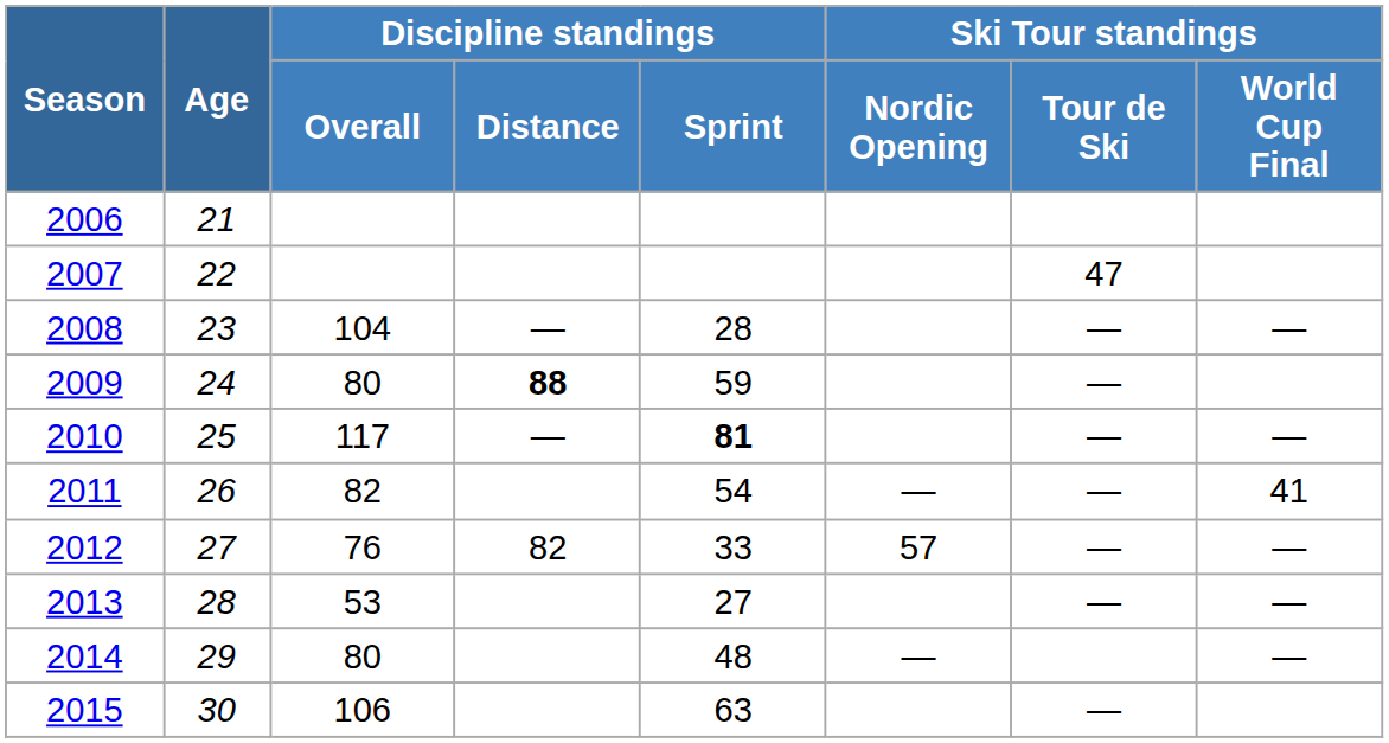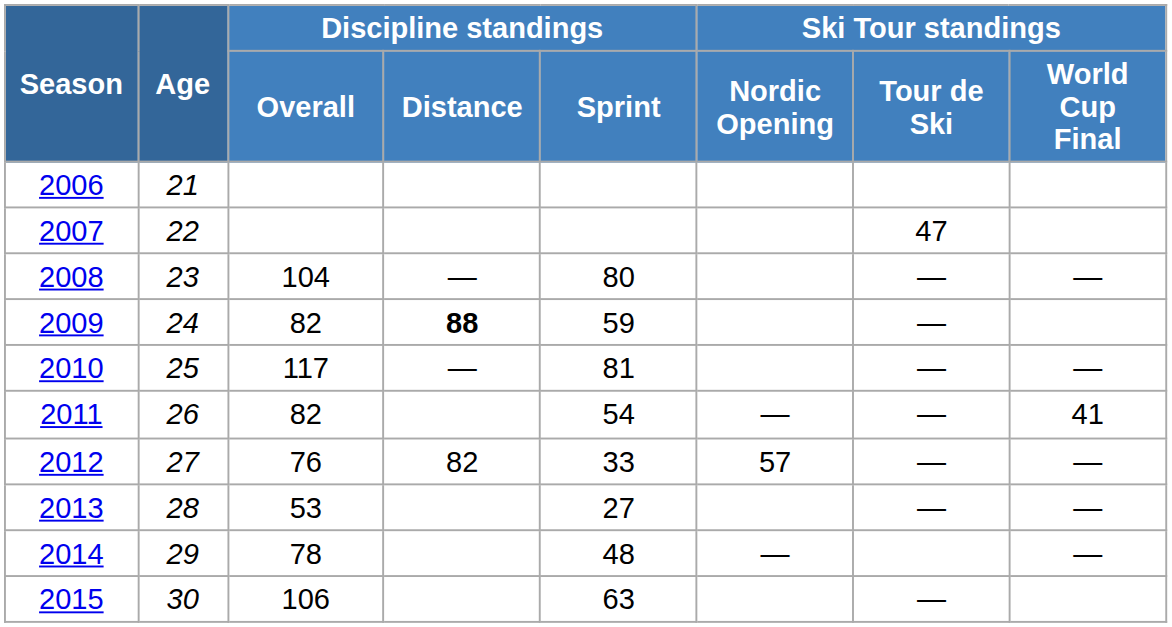 <table class="wikitable" style="font-size:95%; text-align:center; border:grey solid 1px; border-collapse:collapse; background:#ffffff;">
 <tr>
 <th style="background-color:#369; color:white; width:60px;" rowspan="2"> Season </th>
 <th style="background-color:#369; color:white; width:40px;" rowspan="2"> Age </th>
 <th style="background-color:#4180be; color:white;" colspan="3">Discipline standings</th>
 <th style="background-color:#4180be; color:white;" colspan="3">Ski Tour standings</th>
 </tr>
 <tr>
 <th style="background-color:#4180be; color:white; width:75px;">Overall</th>
 <th style="background-color:#4180be; color:white; width:75px;">Distance</th>
 <th style="background-color:#4180be; color:white; width:75px;">Sprint</th>
 <th style="background-color:#4180be; color:white; width:75px;">Nordic<br>Opening</th>
 <th style="background-color:#4180be; color:white; width:75px;">Tour de<br>Ski</th>
 <th style="background-color:#4180be; color:white; width:75px;">World Cup<br>Final</th>
 </tr>
 <tr>
 <td><a href='#'>2006</a></td>
 <td><em>21</em></td>
 <td></td>
 <td></td>
 <td></td>
 <td></td>
 <td></td>
 <td></td>
 </tr>
 <tr>
 <td><a href='#'>2007</a></td>
 <td><em>22</em></td>
 <td></td>
 <td></td>
 <td></td>
 <td></td>
 <td>47</td>
 <td></td>
 </tr>
 <tr>
 <td><a href='#'>2008</a></td>
 <td><em>23</em></td>
 <td>104</td>
 <td>—</td>
-<td>28</td>
+<td>80</td>
 <td></td>
 <td>—</td>
 <td>—</td>
 </tr>
 <tr>
 <td><a href='#'>2009</a></td>
 <td><em>24</em></td>
-<td>80</td>
+<td>82</td>
 <td><strong>88</strong></td>
 <td>59</td>
 <td></td>
 <td>—</td>
 <td></td>
 </tr>
 <tr>
 <td><a href='#'>2010</a></td>
 <td><em>25</em></td>
 <td>117</td>
 <td>—</td>
-<td><strong>81</strong></td>
+<td>81</td>
 <td></td>
 <td>—</td>
 <td>—</td>
 </tr>
 <tr>
 <td><a href='#'>2011</a></td>
 <td><em>26</em></td>
 <td>82</td>
 <td></td>
 <td>54</td>
 <td>—</td>
 <td>—</td>
 <td>41</td>
 </tr>
 <tr>
 <td><a href='#'>2012</a></td>
 <td><em>27</em></td>
 <td>76</td>
 <td>82</td>
 <td>33</td>
 <td>57</td>
 <td>—</td>
 <td>—</td>
 </tr>
 <tr>
 <td><a href='#'>2013</a></td>
 <td><em>28</em></td>
 <td>53</td>
 <td></td>
 <td>27</td>
 <td></td>
 <td>—</td>
 <td>—</td>
 </tr>
 <tr>
 <td><a href='#'>2014</a></td>
 <td><em>29</em></td>
-<td>80</td>
+<td>78</td>
 <td></td>
 <td>48</td>
 <td>—</td>
 <td></td>
 <td>—</td>
 </tr>
 <tr>
 <td><a href='#'>2015</a></td>
 <td><em>30</em></td>
 <td>106</td>
 <td></td>
 <td>63</td>
 <td></td>
 <td>—</td>
 <td></td>
 </tr>
 </table>
